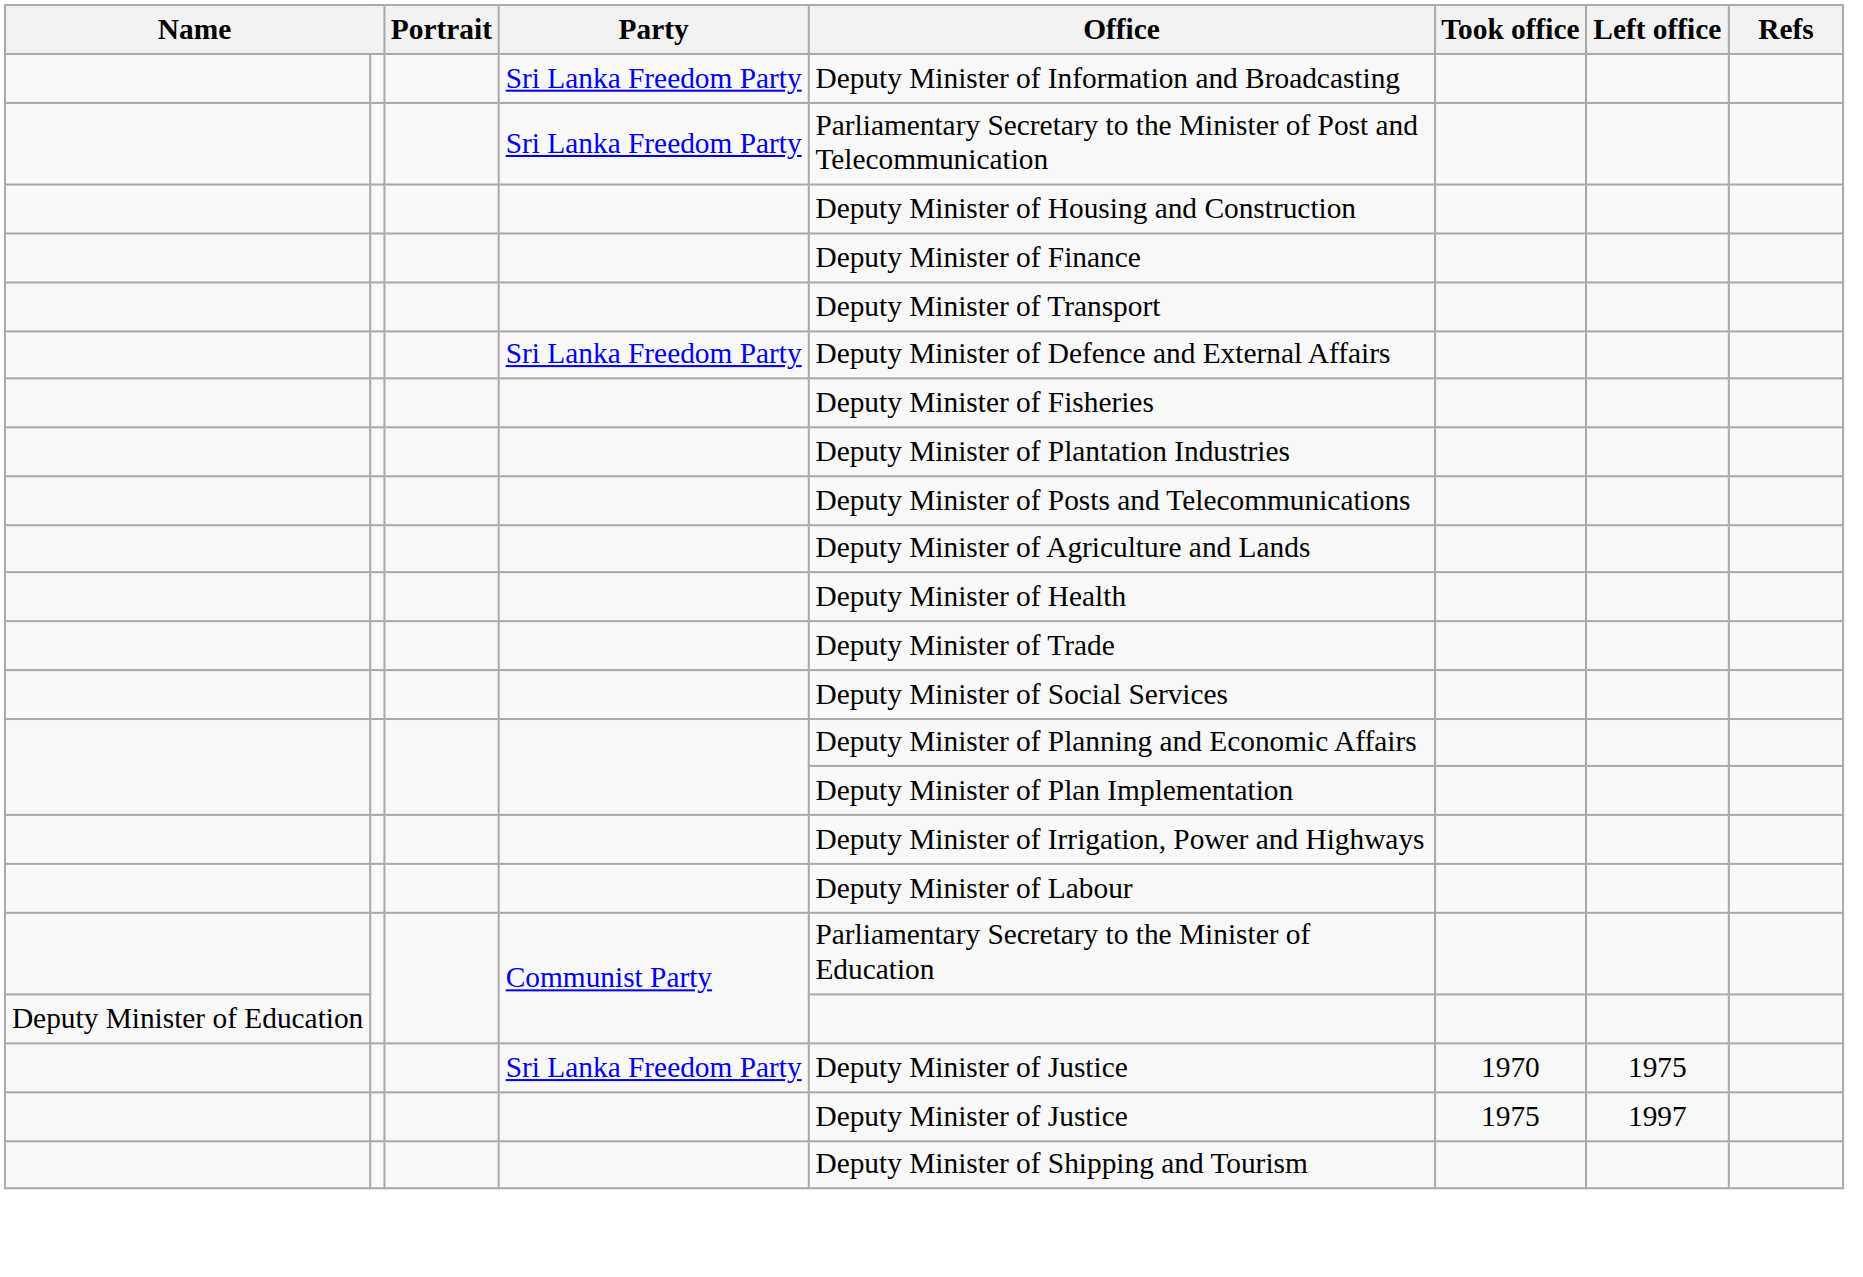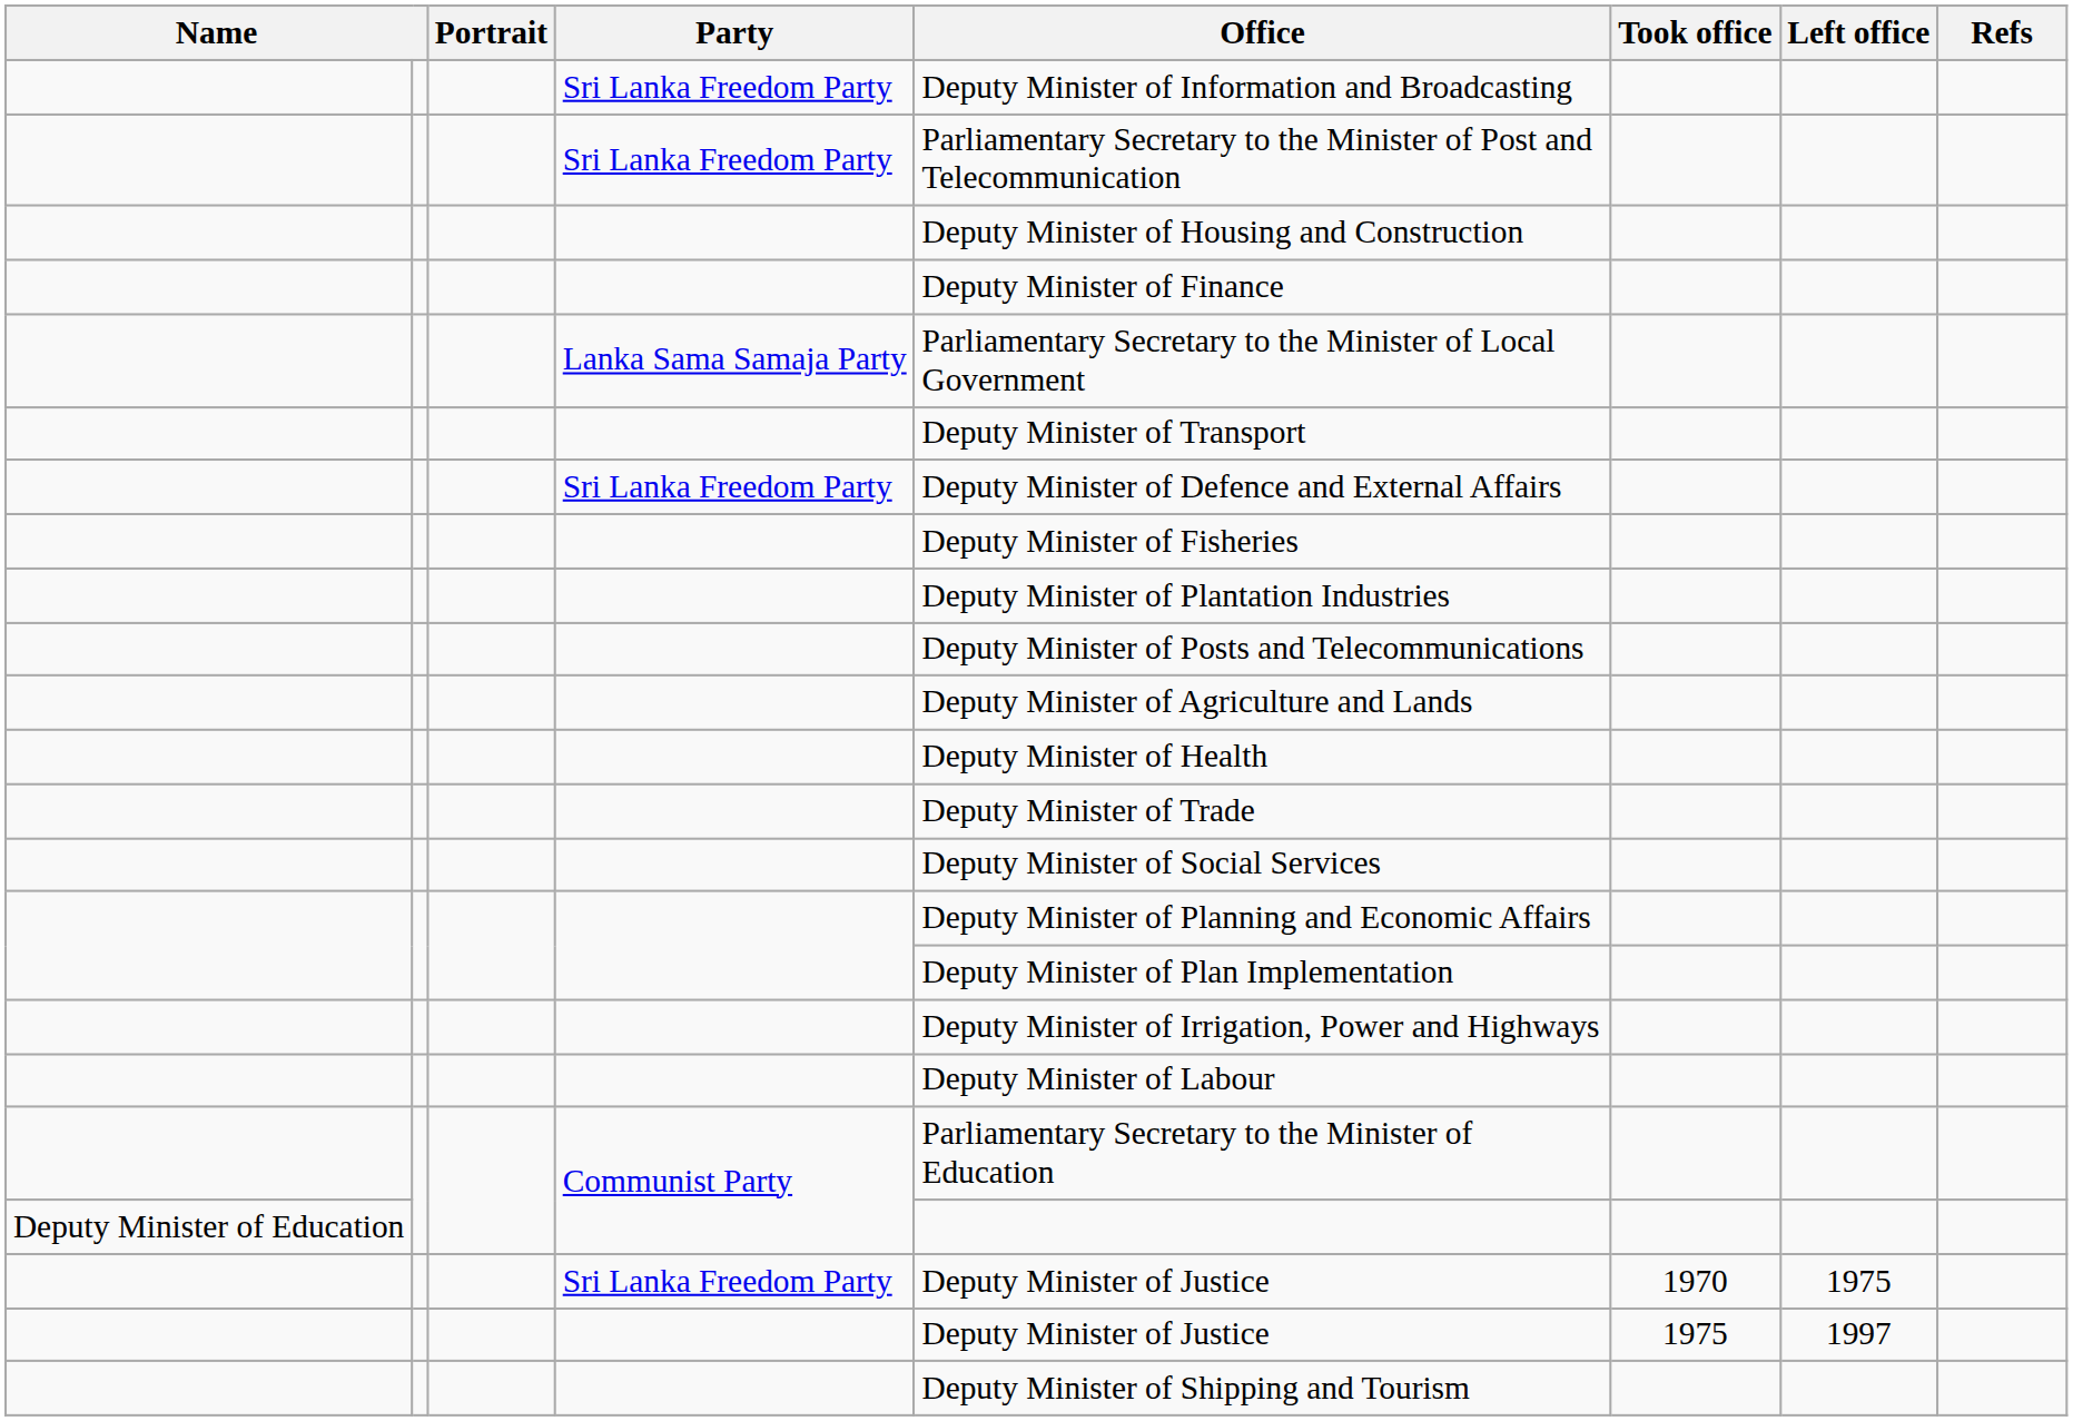 <table class="wikitable plainrowheaders sortable" style="font-size:90%; text-align:left;">
 <tr>
 <th scope=col colspan="2">Name</th>
 <th scope=col class=unsortable>Portrait</th>
 <th scope=col>Party</th>
 <th scope=col width=300px>Office</th>
 <th scope=col>Took office</th>
 <th scope=col>Left office</th>
 <th scope=col width=50px class=unsortable>Refs</th>
 </tr>
 <tr>
 <td !align="center" style="background:"></td>
 <td></td>
 <td align=center></td>
 <td><a href='#'>Sri Lanka Freedom Party</a></td>
 <td>Deputy Minister of Information and Broadcasting</td>
 <td align=center></td>
 <td align=center></td>
 <td align=center></td>
 </tr>
 <tr>
 <td !align="center" style="background:"></td>
 <td></td>
 <td align=center></td>
 <td><a href='#'>Sri Lanka Freedom Party</a></td>
 <td>Parliamentary Secretary to the Minister of Post and Telecommunication</td>
 <td align=center></td>
 <td align=center></td>
 <td align=center></td>
 </tr>
 <tr>
 <td></td>
 <td></td>
 <td align=center></td>
 <td></td>
 <td>Deputy Minister of Housing and Construction</td>
 <td align=center></td>
 <td align=center></td>
 <td align=center></td>
 </tr>
 <tr>
 <td></td>
 <td></td>
 <td align=center></td>
 <td></td>
 <td>Deputy Minister of Finance</td>
+<td align=center></td>
+<td align=center></td>
+<td align=center></td>
+</tr>
+<tr>
+<td !align="center" style="background:"></td>
+<td></td>
+<td align=center></td>
+<td><a href='#'>Lanka Sama Samaja Party</a></td>
+<td>Parliamentary Secretary to the Minister of Local Government</td>
 <td align=center></td>
 <td align=center></td>
 <td align=center></td>
 </tr>
 <tr>
 <td></td>
 <td></td>
 <td align=center></td>
 <td></td>
 <td>Deputy Minister of Transport</td>
 <td align=center></td>
 <td align=center></td>
 <td align=center></td>
 </tr>
 <tr>
 <td !align="center" style="background:"></td>
 <td></td>
 <td align=center></td>
 <td><a href='#'>Sri Lanka Freedom Party</a></td>
 <td>Deputy Minister of Defence and External Affairs</td>
 <td align=center></td>
 <td align=center></td>
 <td align=center></td>
 </tr>
 <tr>
 <td></td>
 <td></td>
 <td align=center></td>
 <td></td>
 <td>Deputy Minister of Fisheries</td>
 <td align=center></td>
 <td align=center></td>
 <td align=center></td>
 </tr>
 <tr>
 <td></td>
 <td></td>
 <td align=center></td>
 <td></td>
 <td>Deputy Minister of Plantation Industries</td>
 <td align=center></td>
 <td align=center></td>
 <td align=center></td>
 </tr>
 <tr>
 <td></td>
 <td></td>
 <td align=center></td>
 <td></td>
 <td>Deputy Minister of Posts and Telecommunications</td>
 <td align=center></td>
 <td align=center></td>
 <td align=center></td>
 </tr>
 <tr>
 <td></td>
 <td></td>
 <td align=center></td>
 <td></td>
 <td>Deputy Minister of Agriculture and Lands</td>
 <td align=center></td>
 <td align=center></td>
 <td align=center></td>
 </tr>
 <tr>
 <td></td>
 <td></td>
 <td align=center></td>
 <td></td>
 <td>Deputy Minister of Health</td>
 <td align=center></td>
 <td align=center></td>
 <td align=center></td>
 </tr>
 <tr>
 <td></td>
 <td></td>
 <td align=center></td>
 <td></td>
 <td>Deputy Minister of Trade</td>
 <td align=center></td>
 <td align=center></td>
 <td align=center></td>
 </tr>
 <tr>
 <td></td>
 <td></td>
 <td align=center></td>
 <td></td>
 <td>Deputy Minister of Social Services</td>
 <td align=center></td>
 <td align=center></td>
 <td align=center></td>
 </tr>
 <tr>
 <td rowspan=2></td>
 <td rowspan=2></td>
 <td align=center rowspan=2></td>
 <td rowspan=2></td>
 <td>Deputy Minister of Planning and Economic Affairs</td>
 <td align=center></td>
 <td align=center></td>
 <td align=center></td>
 </tr>
 <tr>
 <td>Deputy Minister of Plan Implementation</td>
 <td align=center></td>
 <td align=center></td>
 <td align=center></td>
 </tr>
 <tr>
 <td></td>
 <td></td>
 <td align=center></td>
 <td></td>
 <td>Deputy Minister of Irrigation, Power and Highways</td>
 <td align=center></td>
 <td align=center></td>
 <td align=center></td>
 </tr>
 <tr>
 <td></td>
 <td></td>
 <td align=center></td>
 <td></td>
 <td>Deputy Minister of Labour</td>
 <td align=center></td>
 <td align=center></td>
 <td align=center></td>
 </tr>
 <tr>
 <td !align="center" style="background:"></td>
 <td rowspan=2></td>
 <td align=center rowspan=2></td>
 <td rowspan=2><a href='#'>Communist Party</a></td>
 <td>Parliamentary Secretary to the Minister of Education</td>
 <td align=center></td>
 <td align=center></td>
 <td align=center></td>
 </tr>
 <tr>
 <td>Deputy Minister of Education</td>
 <td align=center></td>
 <td align=center></td>
 <td align=center></td>
 </tr>
 <tr>
 <td !align="center" style="background:"></td>
 <td></td>
 <td align=center></td>
 <td><a href='#'>Sri Lanka Freedom Party</a></td>
 <td>Deputy Minister of Justice</td>
 <td align=center>1970</td>
 <td align=center>1975</td>
 <td align=center></td>
 </tr>
 <tr>
 <td></td>
 <td></td>
 <td align=center></td>
 <td></td>
 <td>Deputy Minister of Justice</td>
 <td align=center>1975</td>
 <td align=center>1997</td>
 <td></td>
 </tr>
 <tr>
 <td></td>
 <td></td>
 <td align=center></td>
 <td></td>
 <td>Deputy Minister of Shipping and Tourism</td>
 <td align=center></td>
 <td align=center></td>
 <td align=center></td>
 </tr>
 </table>
